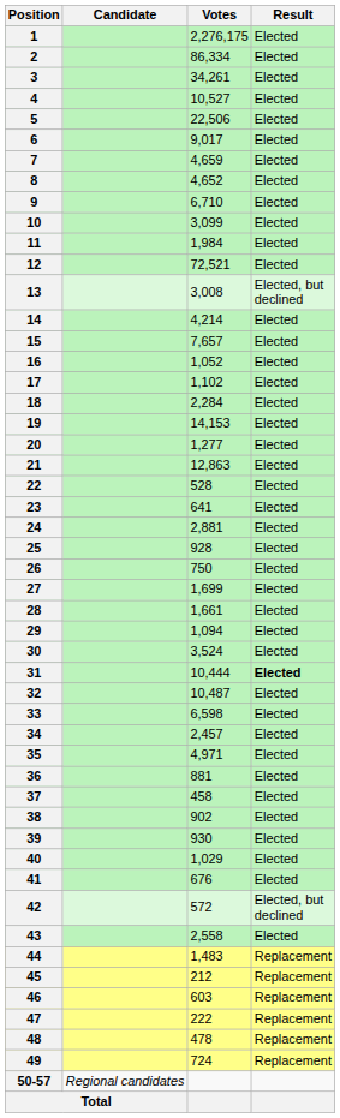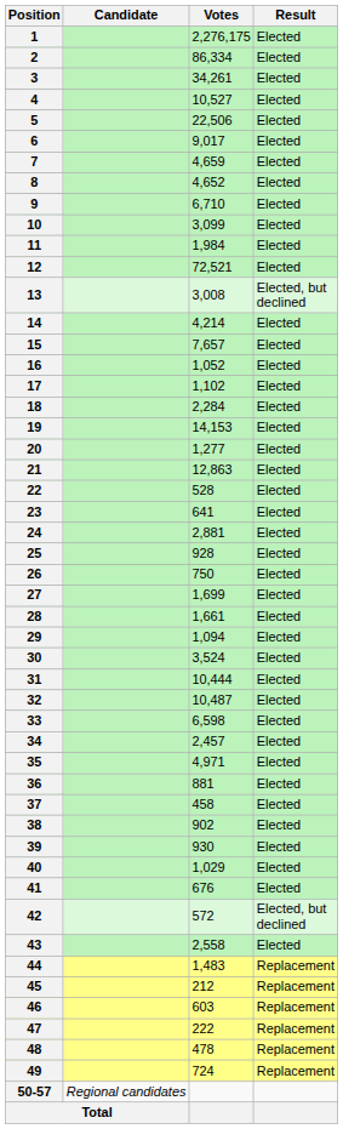 <table class="wikitable sortable col3right">
 <tr>
 <th scope="col">Position</th>
 <th scope="col">Candidate</th>
 <th scope="col">Votes</th>
 <th scope="col">Result</th>
 </tr>
 <tr bgcolor=bbf3bb>
 <th scope="row">1</th>
 <td></td>
 <td>2,276,175</td>
 <td>Elected</td>
 </tr>
 <tr bgcolor=bbf3bb>
 <th scope="row">2</th>
 <td></td>
 <td>86,334</td>
 <td>Elected</td>
 </tr>
 <tr bgcolor=bbf3bb>
 <th scope="row">3</th>
 <td></td>
 <td>34,261</td>
 <td>Elected</td>
 </tr>
 <tr bgcolor=bbf3bb>
 <th scope="row">4</th>
 <td></td>
 <td>10,527</td>
 <td>Elected</td>
 </tr>
 <tr bgcolor=bbf3bb>
 <th scope="row">5</th>
 <td></td>
 <td>22,506</td>
 <td>Elected</td>
 </tr>
 <tr bgcolor=bbf3bb>
 <th scope="row">6</th>
 <td></td>
 <td>9,017</td>
 <td>Elected</td>
 </tr>
 <tr bgcolor=bbf3bb>
 <th scope="row">7</th>
 <td></td>
 <td>4,659</td>
 <td>Elected</td>
 </tr>
 <tr bgcolor=bbf3bb>
 <th scope="row">8</th>
 <td></td>
 <td>4,652</td>
 <td>Elected</td>
 </tr>
 <tr bgcolor=bbf3bb>
 <th scope="row">9</th>
 <td></td>
 <td>6,710</td>
 <td>Elected</td>
 </tr>
 <tr bgcolor=bbf3bb>
 <th scope="row">10</th>
 <td></td>
 <td>3,099</td>
 <td>Elected</td>
 </tr>
 <tr bgcolor=bbf3bb>
 <th scope="row">11</th>
 <td></td>
 <td>1,984</td>
 <td>Elected</td>
 </tr>
 <tr bgcolor=bbf3bb>
 <th scope="row">12</th>
 <td></td>
 <td>72,521</td>
 <td>Elected</td>
 </tr>
 <tr bgcolor=dcf9dc>
 <th scope="row">13</th>
 <td></td>
 <td>3,008</td>
 <td>Elected, but<br>declined</td>
 </tr>
 <tr bgcolor=bbf3bb>
 <th scope="row">14</th>
 <td></td>
 <td>4,214</td>
 <td>Elected</td>
 </tr>
 <tr bgcolor=bbf3bb>
 <th scope="row">15</th>
 <td></td>
 <td>7,657</td>
 <td>Elected</td>
 </tr>
 <tr bgcolor=bbf3bb>
 <th scope="row">16</th>
 <td></td>
 <td>1,052</td>
 <td>Elected</td>
 </tr>
 <tr bgcolor=bbf3bb>
 <th scope="row">17</th>
 <td></td>
 <td>1,102</td>
 <td>Elected</td>
 </tr>
 <tr bgcolor=bbf3bb>
 <th scope="row">18</th>
 <td></td>
 <td>2,284</td>
 <td>Elected</td>
 </tr>
 <tr bgcolor=bbf3bb>
 <th scope="row">19</th>
 <td></td>
 <td>14,153</td>
 <td>Elected</td>
 </tr>
 <tr bgcolor=bbf3bb>
 <th scope="row">20</th>
 <td></td>
 <td>1,277</td>
 <td>Elected</td>
 </tr>
 <tr bgcolor=bbf3bb>
 <th scope="row">21</th>
 <td></td>
 <td>12,863</td>
 <td>Elected</td>
 </tr>
 <tr bgcolor=bbf3bb>
 <th scope="row">22</th>
 <td></td>
 <td>528</td>
 <td>Elected</td>
 </tr>
 <tr bgcolor=bbf3bb>
 <th scope="row">23</th>
 <td></td>
 <td>641</td>
 <td>Elected</td>
 </tr>
 <tr bgcolor=bbf3bb>
 <th scope="row">24</th>
 <td></td>
 <td>2,881</td>
 <td>Elected</td>
 </tr>
 <tr bgcolor=bbf3bb>
 <th scope="row">25</th>
 <td></td>
 <td>928</td>
 <td>Elected</td>
 </tr>
 <tr bgcolor=bbf3bb>
 <th scope="row">26</th>
 <td></td>
 <td>750</td>
 <td>Elected</td>
 </tr>
 <tr bgcolor=bbf3bb>
 <th scope="row">27</th>
 <td></td>
 <td>1,699</td>
 <td>Elected</td>
 </tr>
 <tr bgcolor=bbf3bb>
 <th scope="row">28</th>
 <td></td>
 <td>1,661</td>
 <td>Elected</td>
 </tr>
 <tr bgcolor=bbf3bb>
 <th scope="row">29</th>
 <td></td>
 <td>1,094</td>
 <td>Elected</td>
 </tr>
 <tr bgcolor=bbf3bb>
 <th scope="row">30</th>
 <td></td>
 <td>3,524</td>
 <td>Elected</td>
 </tr>
 <tr bgcolor=bbf3bb>
 <th scope="row">31</th>
 <td></td>
 <td>10,444</td>
-<td><strong>Elected</strong></td>
+<td>Elected</td>
 </tr>
 <tr bgcolor=bbf3bb>
 <th scope="row">32</th>
 <td></td>
 <td>10,487</td>
 <td>Elected</td>
 </tr>
 <tr bgcolor=bbf3bb>
 <th scope="row">33</th>
 <td></td>
 <td>6,598</td>
 <td>Elected</td>
 </tr>
 <tr bgcolor=bbf3bb>
 <th scope="row">34</th>
 <td></td>
 <td>2,457</td>
 <td>Elected</td>
 </tr>
 <tr bgcolor=bbf3bb>
 <th scope="row">35</th>
 <td></td>
 <td>4,971</td>
 <td>Elected</td>
 </tr>
 <tr bgcolor=bbf3bb>
 <th scope="row">36</th>
 <td></td>
 <td>881</td>
 <td>Elected</td>
 </tr>
 <tr bgcolor=bbf3bb>
 <th scope="row">37</th>
 <td></td>
 <td>458</td>
 <td>Elected</td>
 </tr>
 <tr bgcolor=bbf3bb>
 <th scope="row">38</th>
 <td></td>
 <td>902</td>
 <td>Elected</td>
 </tr>
 <tr bgcolor=bbf3bb>
 <th scope="row">39</th>
 <td></td>
 <td>930</td>
 <td>Elected</td>
 </tr>
 <tr bgcolor=bbf3bb>
 <th scope="row">40</th>
 <td></td>
 <td>1,029</td>
 <td>Elected</td>
 </tr>
 <tr bgcolor=bbf3bb>
 <th scope="row">41</th>
 <td></td>
 <td>676</td>
 <td>Elected</td>
 </tr>
 <tr bgcolor=dcf9dc>
 <th scope="row">42</th>
 <td></td>
 <td>572</td>
 <td>Elected, but<br>declined</td>
 </tr>
 <tr bgcolor=bbf3bb>
 <th scope="row">43</th>
 <td></td>
 <td>2,558</td>
 <td>Elected</td>
 </tr>
 <tr bgcolor=#FF8>
 <th scope="row">44</th>
 <td></td>
 <td>1,483</td>
 <td>Replacement</td>
 </tr>
 <tr bgcolor=#FF8>
 <th scope="row">45</th>
 <td></td>
 <td>212</td>
 <td>Replacement</td>
 </tr>
 <tr bgcolor=#FF8>
 <th scope="row">46</th>
 <td></td>
 <td>603</td>
 <td>Replacement</td>
 </tr>
 <tr bgcolor=#FF8>
 <th scope="row">47</th>
 <td></td>
 <td>222</td>
 <td>Replacement</td>
 </tr>
 <tr bgcolor=#FF8>
 <th scope="row">48</th>
 <td></td>
 <td>478</td>
 <td>Replacement</td>
 </tr>
 <tr bgcolor=#FF8>
 <th scope="row">49</th>
 <td></td>
 <td>724</td>
 <td>Replacement</td>
 </tr>
 <tr>
 <th scope="row">50-57</th>
 <td><em>Regional candidates</em></td>
 <td></td>
 <td></td>
 </tr>
 <tr class="sortbottom">
 <th scope="row" colspan="2">Total</th>
 <th></th>
 <th></th>
 </tr>
 </table>
